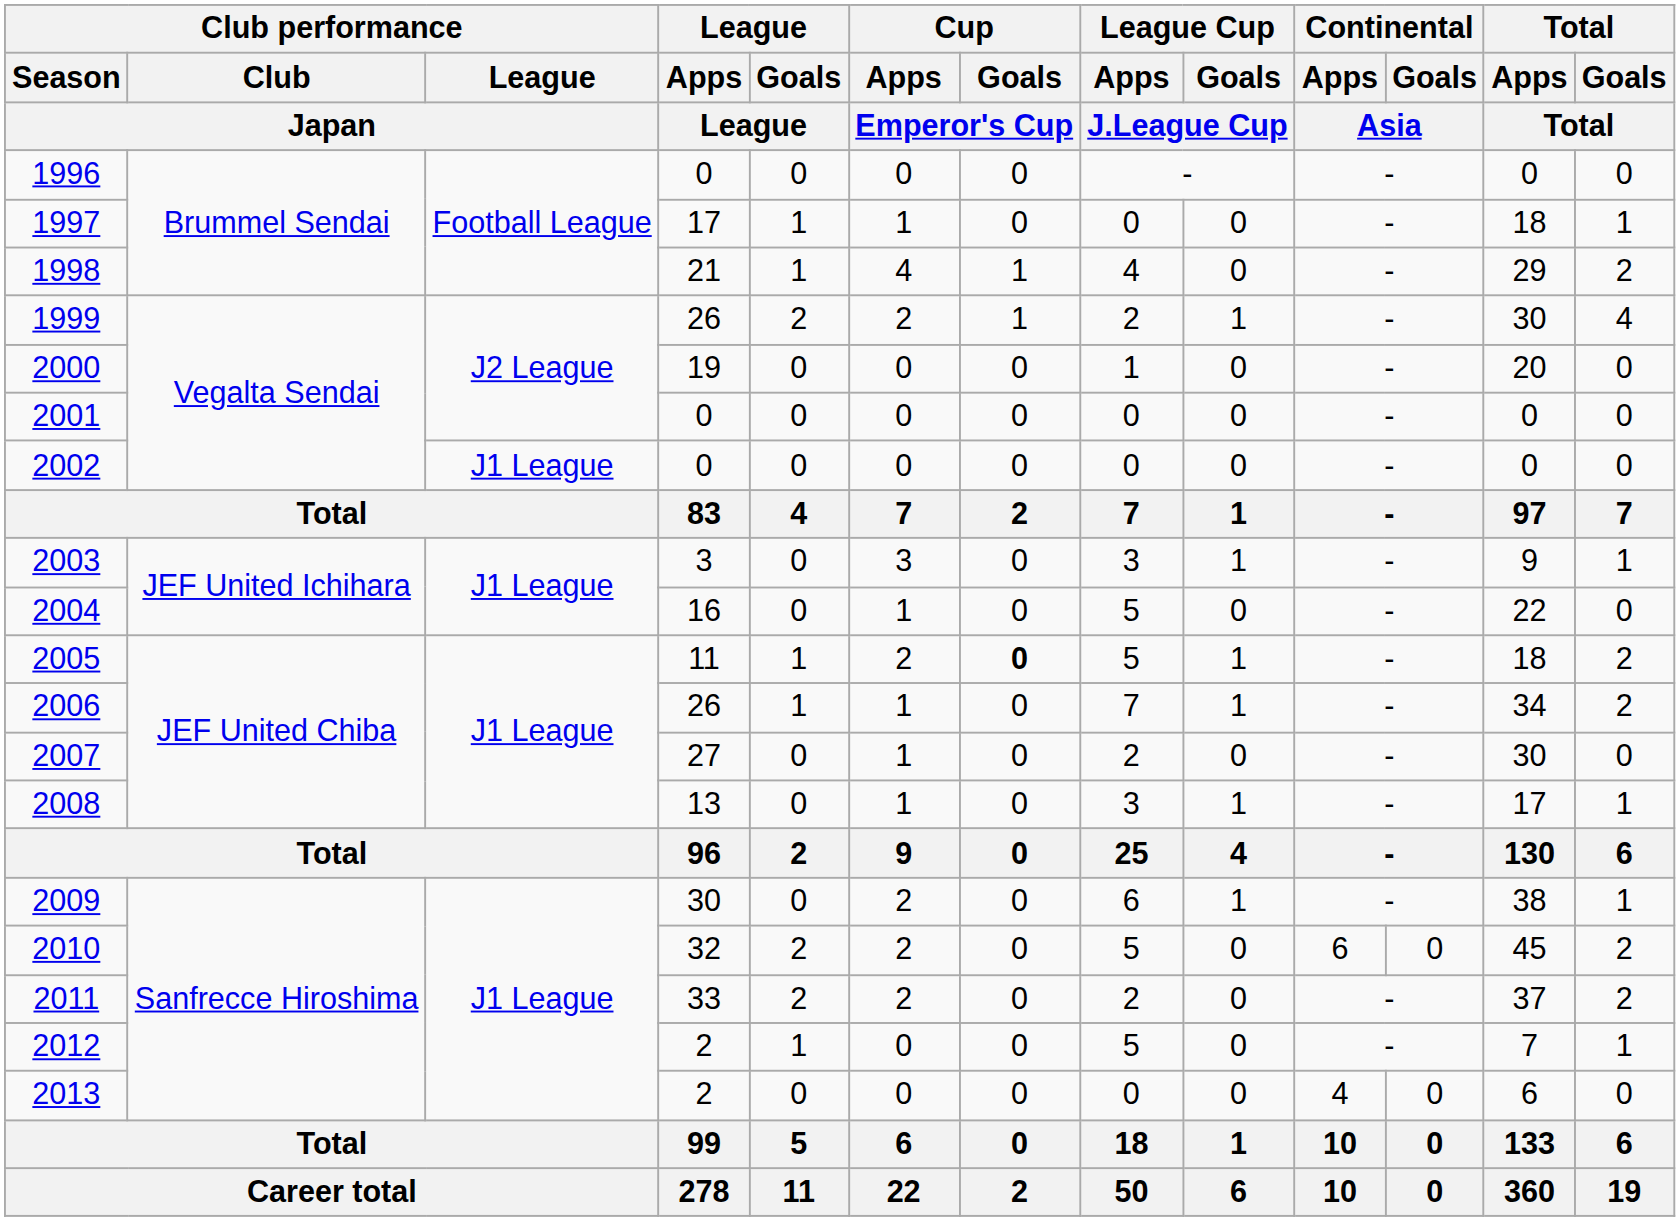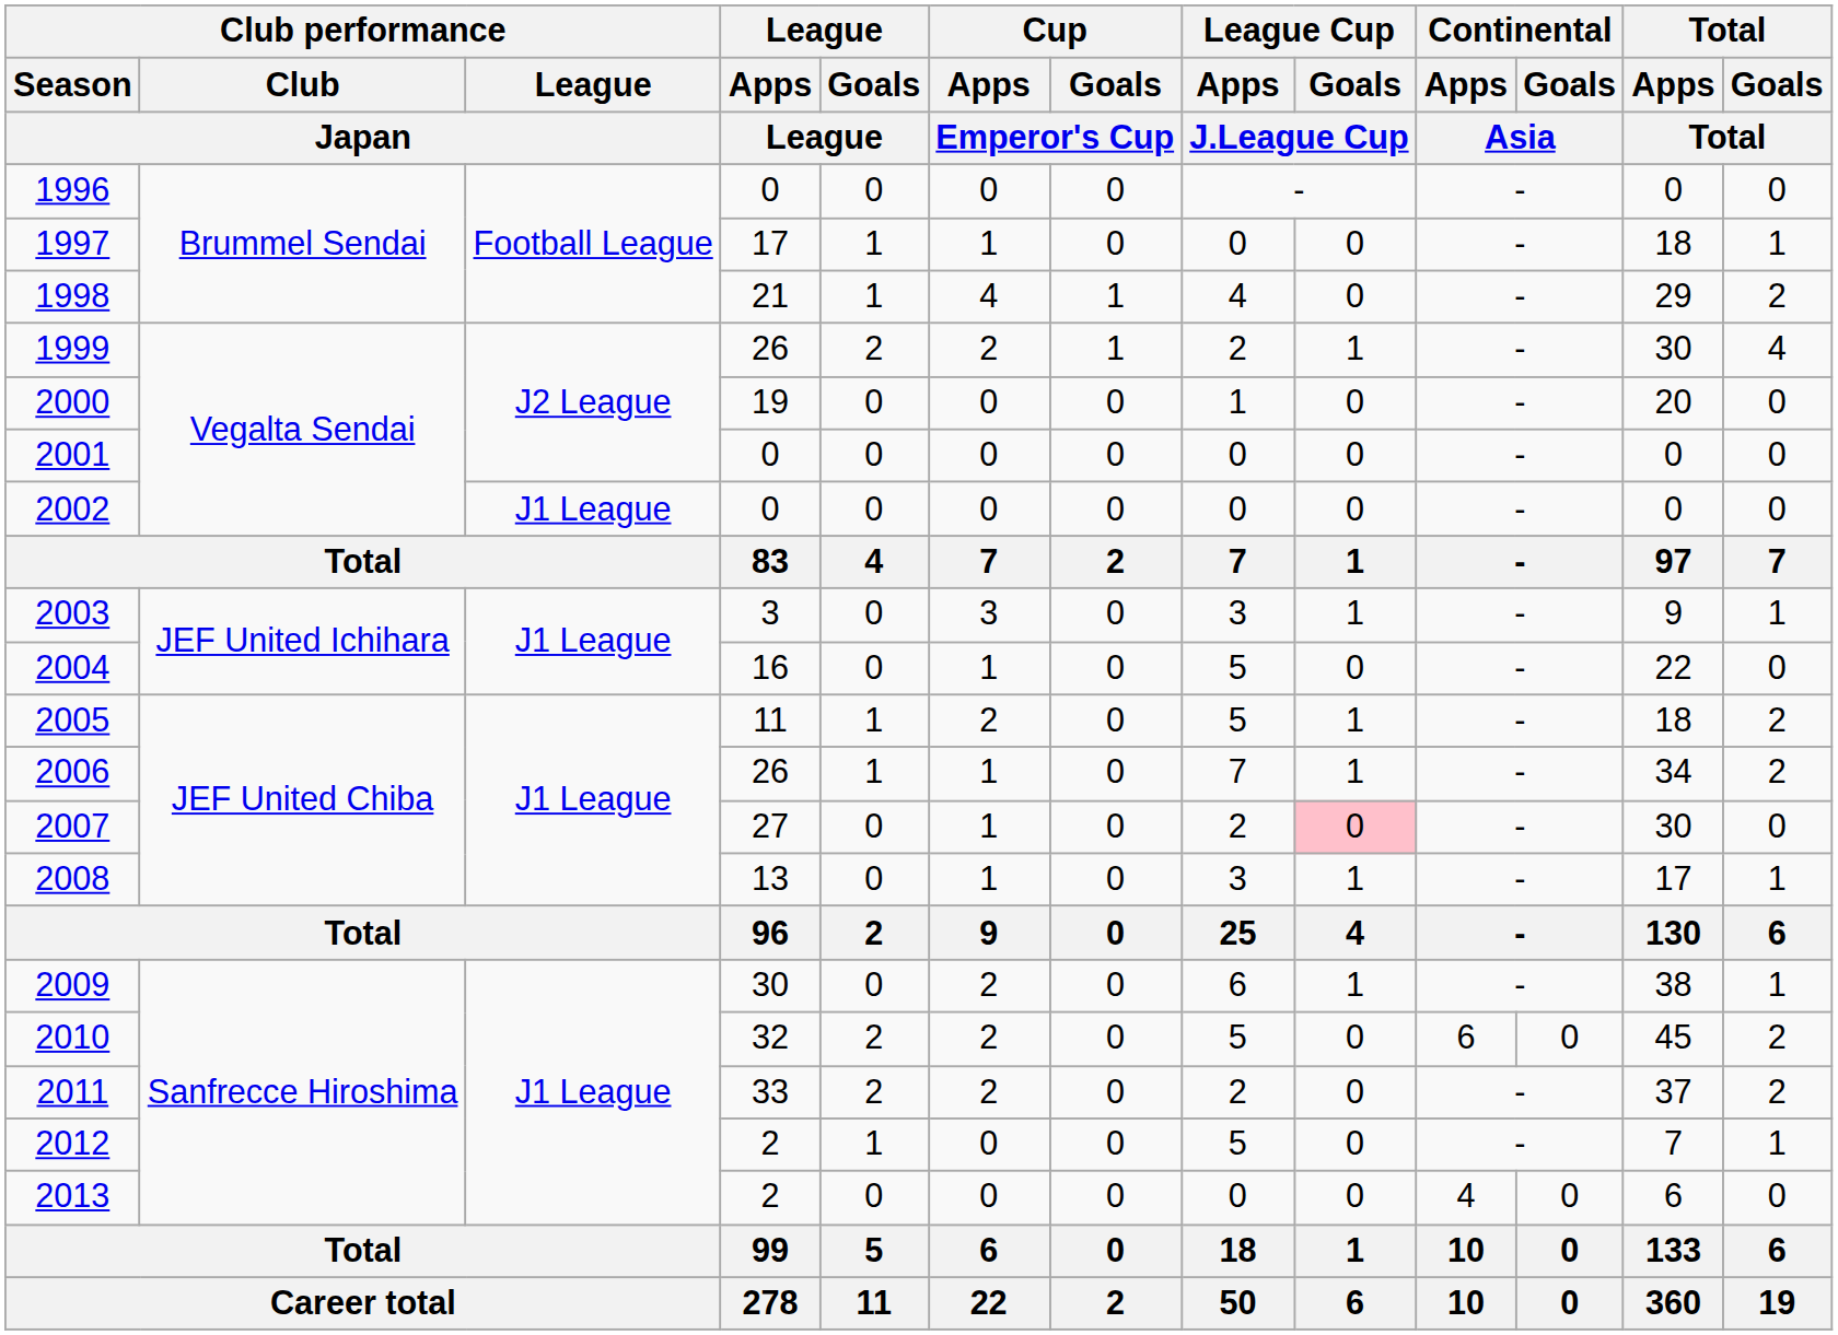 <table class="wikitable" style="text-align:center">
 <tr>
 <th colspan=3>Club performance</th>
 <th colspan=2>League</th>
 <th colspan=2>Cup</th>
 <th colspan=2>League Cup</th>
 <th colspan=2>Continental</th>
 <th colspan=2>Total</th>
 </tr>
 <tr>
 <th>Season</th>
 <th>Club</th>
 <th>League</th>
 <th>Apps</th>
 <th>Goals</th>
 <th>Apps</th>
 <th>Goals</th>
 <th>Apps</th>
 <th>Goals</th>
 <th>Apps</th>
 <th>Goals</th>
 <th>Apps</th>
 <th>Goals</th>
 </tr>
 <tr>
 <th colspan=3>Japan</th>
 <th colspan=2>League</th>
 <th colspan=2><a href='#'>Emperor's Cup</a></th>
 <th colspan=2><a href='#'>J.League Cup</a></th>
 <th colspan=2><a href='#'>Asia</a></th>
 <th colspan=2>Total</th>
 </tr>
 <tr>
 <td><a href='#'>1996</a></td>
 <td rowspan="3"><a href='#'>Brummel Sendai</a></td>
 <td rowspan="3"><a href='#'>Football League</a></td>
 <td>0</td>
 <td>0</td>
 <td>0</td>
 <td>0</td>
 <td colspan="2">-</td>
 <td colspan="2">-</td>
 <td>0</td>
 <td>0</td>
 </tr>
 <tr>
 <td><a href='#'>1997</a></td>
 <td>17</td>
 <td>1</td>
 <td>1</td>
 <td>0</td>
 <td>0</td>
 <td>0</td>
 <td colspan="2">-</td>
 <td>18</td>
 <td>1</td>
 </tr>
 <tr>
 <td><a href='#'>1998</a></td>
 <td>21</td>
 <td>1</td>
 <td>4</td>
 <td>1</td>
 <td>4</td>
 <td>0</td>
 <td colspan="2">-</td>
 <td>29</td>
 <td>2</td>
 </tr>
 <tr>
 <td><a href='#'>1999</a></td>
 <td rowspan="4"><a href='#'>Vegalta Sendai</a></td>
 <td rowspan="3"><a href='#'>J2 League</a></td>
 <td>26</td>
 <td>2</td>
 <td>2</td>
 <td>1</td>
 <td>2</td>
 <td>1</td>
 <td colspan="2">-</td>
 <td>30</td>
 <td>4</td>
 </tr>
 <tr>
 <td><a href='#'>2000</a></td>
 <td>19</td>
 <td>0</td>
 <td>0</td>
 <td>0</td>
 <td>1</td>
 <td>0</td>
 <td colspan="2">-</td>
 <td>20</td>
 <td>0</td>
 </tr>
 <tr>
 <td><a href='#'>2001</a></td>
 <td>0</td>
 <td>0</td>
 <td>0</td>
 <td>0</td>
 <td>0</td>
 <td>0</td>
 <td colspan="2">-</td>
 <td>0</td>
 <td>0</td>
 </tr>
 <tr>
 <td><a href='#'>2002</a></td>
 <td><a href='#'>J1 League</a></td>
 <td>0</td>
 <td>0</td>
 <td>0</td>
 <td>0</td>
 <td>0</td>
 <td>0</td>
 <td colspan="2">-</td>
 <td>0</td>
 <td>0</td>
 </tr>
 <tr>
 <th colspan="3">Total</th>
 <th>83</th>
 <th>4</th>
 <th>7</th>
 <th>2</th>
 <th>7</th>
 <th>1</th>
 <th colspan="2">-</th>
 <th>97</th>
 <th>7</th>
 </tr>
 <tr>
 <td><a href='#'>2003</a></td>
 <td rowspan="2"><a href='#'>JEF United Ichihara</a></td>
 <td rowspan="2"><a href='#'>J1 League</a></td>
 <td>3</td>
 <td>0</td>
 <td>3</td>
 <td>0</td>
 <td>3</td>
 <td>1</td>
 <td colspan="2">-</td>
 <td>9</td>
 <td>1</td>
 </tr>
 <tr>
 <td><a href='#'>2004</a></td>
 <td>16</td>
 <td>0</td>
 <td>1</td>
 <td>0</td>
 <td>5</td>
 <td>0</td>
 <td colspan="2">-</td>
 <td>22</td>
 <td>0</td>
 </tr>
 <tr>
 <td><a href='#'>2005</a></td>
 <td rowspan="4"><a href='#'>JEF United Chiba</a></td>
 <td rowspan="4"><a href='#'>J1 League</a></td>
 <td>11</td>
 <td>1</td>
 <td>2</td>
-<td><strong>0</strong></td>
+<td>0</td>
 <td>5</td>
 <td>1</td>
 <td colspan="2">-</td>
 <td>18</td>
 <td>2</td>
 </tr>
 <tr>
 <td><a href='#'>2006</a></td>
 <td>26</td>
 <td>1</td>
 <td>1</td>
 <td>0</td>
 <td>7</td>
 <td>1</td>
 <td colspan="2">-</td>
 <td>34</td>
 <td>2</td>
 </tr>
 <tr>
 <td><a href='#'>2007</a></td>
 <td>27</td>
 <td>0</td>
 <td>1</td>
 <td>0</td>
 <td>2</td>
-<td>0</td>
+<td style="background: pink;">0</td>
 <td colspan="2">-</td>
 <td>30</td>
 <td>0</td>
 </tr>
 <tr>
 <td><a href='#'>2008</a></td>
 <td>13</td>
 <td>0</td>
 <td>1</td>
 <td>0</td>
 <td>3</td>
 <td>1</td>
 <td colspan="2">-</td>
 <td>17</td>
 <td>1</td>
 </tr>
 <tr>
 <th colspan="3">Total</th>
 <th>96</th>
 <th>2</th>
 <th>9</th>
 <th>0</th>
 <th>25</th>
 <th>4</th>
 <th colspan="2">-</th>
 <th>130</th>
 <th>6</th>
 </tr>
 <tr>
 <td><a href='#'>2009</a></td>
 <td rowspan="5"><a href='#'>Sanfrecce Hiroshima</a></td>
 <td rowspan="5"><a href='#'>J1 League</a></td>
 <td>30</td>
 <td>0</td>
 <td>2</td>
 <td>0</td>
 <td>6</td>
 <td>1</td>
 <td colspan="2">-</td>
 <td>38</td>
 <td>1</td>
 </tr>
 <tr>
 <td><a href='#'>2010</a></td>
 <td>32</td>
 <td>2</td>
 <td>2</td>
 <td>0</td>
 <td>5</td>
 <td>0</td>
 <td>6</td>
 <td>0</td>
 <td>45</td>
 <td>2</td>
 </tr>
 <tr>
 <td><a href='#'>2011</a></td>
 <td>33</td>
 <td>2</td>
 <td>2</td>
 <td>0</td>
 <td>2</td>
 <td>0</td>
 <td colspan="2">-</td>
 <td>37</td>
 <td>2</td>
 </tr>
 <tr>
 <td><a href='#'>2012</a></td>
 <td>2</td>
 <td>1</td>
 <td>0</td>
 <td>0</td>
 <td>5</td>
 <td>0</td>
 <td colspan="2">-</td>
 <td>7</td>
 <td>1</td>
 </tr>
 <tr>
 <td><a href='#'>2013</a></td>
 <td>2</td>
 <td>0</td>
 <td>0</td>
 <td>0</td>
 <td>0</td>
 <td>0</td>
 <td>4</td>
 <td>0</td>
 <td>6</td>
 <td>0</td>
 </tr>
 <tr>
 <th colspan="3">Total</th>
 <th>99</th>
 <th>5</th>
 <th>6</th>
 <th>0</th>
 <th>18</th>
 <th>1</th>
 <th>10</th>
 <th>0</th>
 <th>133</th>
 <th>6</th>
 </tr>
 <tr>
 <th colspan=3>Career total</th>
 <th>278</th>
 <th>11</th>
 <th>22</th>
 <th>2</th>
 <th>50</th>
 <th>6</th>
 <th>10</th>
 <th>0</th>
 <th>360</th>
 <th>19</th>
 </tr>
 </table>
